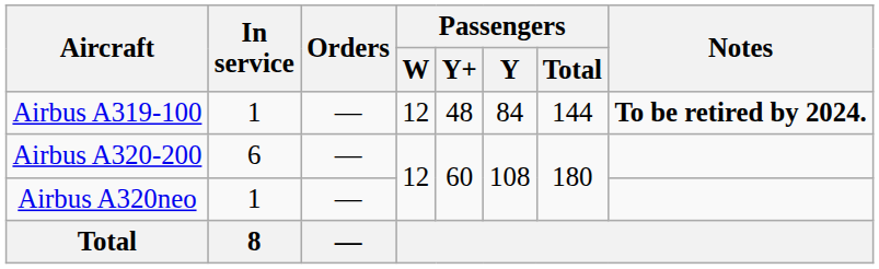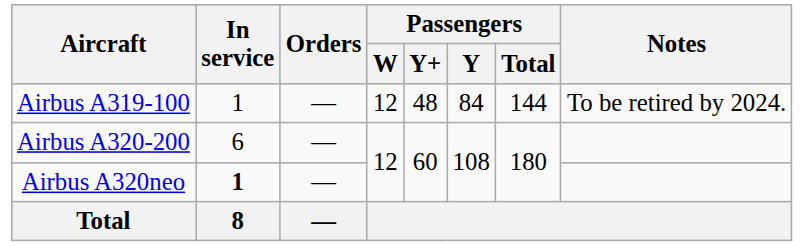 <table class="wikitable" style="margin:0.5em auto; text-align:center">
 <tr>
 <th rowspan=2>Aircraft</th>
 <th rowspan=2>In <br> service</th>
 <th rowspan=2>Orders</th>
 <th colspan=4>Passengers</th>
 <th rowspan=2>Notes</th>
 </tr>
 <tr>
 <th><abbr>W</abbr></th>
 <th><abbr>Y+</abbr></th>
 <th><abbr>Y</abbr></th>
 <th>Total</th>
 </tr>
 <tr>
 <td><a href='#'>Airbus A319-100</a></td>
 <td>1</td>
 <td>—</td>
 <td>12</td>
 <td>48</td>
 <td>84</td>
 <td>144</td>
-<td><strong>To be retired by 2024.</strong></td>
+<td>To be retired by 2024.</td>
 </tr>
 <tr>
 <td><a href='#'>Airbus A320-200</a></td>
 <td>6</td>
 <td>—</td>
 <td rowspan=2>12</td>
 <td rowspan=2>60</td>
 <td rowspan=2>108</td>
 <td rowspan=2>180</td>
 <td></td>
 </tr>
 <tr>
 <td><a href='#'>Airbus A320neo</a></td>
-<td>1</td>
+<td><strong>1</strong></td>
 <td>—</td>
 <td></td>
 </tr>
 <tr>
 <th>Total</th>
 <th>8</th>
 <th>—</th>
 <th colspan=5></th>
 </tr>
 </table>
